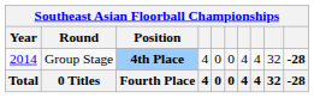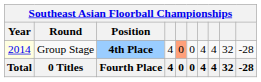 <table class="wikitable" style="text-align: center;">
 <tr>
 <th colspan=10><a href='#'>Southeast Asian Floorball Championships</a></th>
 </tr>
 <tr>
 <th>Year</th>
 <th>Round</th>
 <th>Position</th>
 <th></th>
 <th></th>
 <th></th>
 <th></th>
 <th></th>
 <th></th>
 <th></th>
 </tr>
 <tr>
-<td> <a href='#'>2014</a></td>
+<td style="background: lightyellow;"> <a href='#'>2014</a></td>
 <td>Group Stage</td>
 <td bgcolor=#9acdff><strong>4th Place</strong></td>
 <td>4</td>
-<td>0</td>
+<td style="background: lightsalmon;">0</td>
 <td>0</td>
 <td>4</td>
 <td>4</td>
 <td>32</td>
-<td><strong>-28</strong></td>
+<td>-28</td>
 </tr>
 <tr>
 <th>Total</th>
 <th>0 Titles</th>
 <th>Fourth Place</th>
 <th>4</th>
 <th>0</th>
 <th>0</th>
 <th>4</th>
 <th>4</th>
 <th>32</th>
 <th>-28</th>
 </tr>
 </table>
